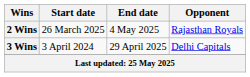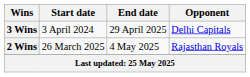 <table class="wikitable sortable" style="text-align:left;font-size:96%;">
 <tr>
 <th>Wins</th>
 <th>Start date</th>
 <th>End date</th>
 <th>Opponent</th>
 </tr>
 <tr>
+<th>3 Wins</th>
+<td>3 April 2024</td>
+<td>29 April 2025</td>
+<td><a href='#'>Delhi Capitals</a></td>
+</tr>
+<tr>
 <th>2 Wins</th>
 <td>26 March 2025</td>
 <td>4 May 2025</td>
 <td><a href='#'>Rajasthan Royals</a></td>
-</tr>
-<tr>
-<th>3 Wins</th>
-<td>3 April 2024</td>
-<td>29 April 2025</td>
-<td><a href='#'>Delhi Capitals</a></td>
 </tr>
 <tr>
 </tr>
 <tr class="sortbottom">
 <th colspan="4"><small>Last updated: 25 May 2025</small></th>
 </tr>
 </table>
